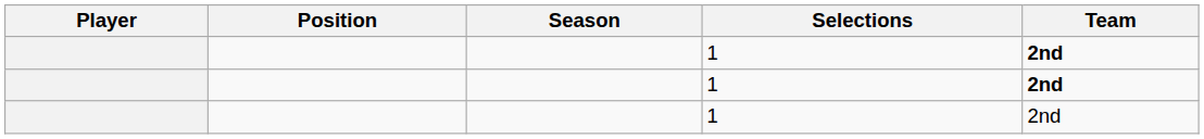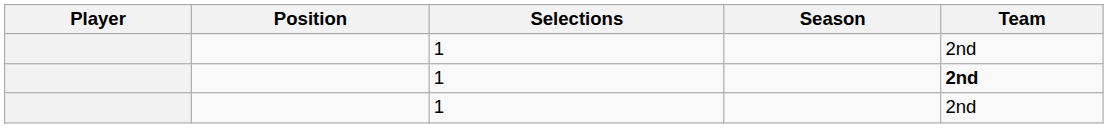 <table class="wikitable sortable" width="75%">
 <tr>
 <th scope="col">Player</th>
 <th scope="col">Position</th>
+<th scope="col">Selections</th>
 <th scope="col">Season</th>
-<th scope="col">Selections</th>
 <th scope="col">Team</th>
 </tr>
 <tr>
 <th scope="row"></th>
 <td></td>
+<td>1</td>
+<td></td>
+<td>2nd</td>
+</tr>
+<tr>
+<th scope="row"></th>
 <td></td>
 <td>1</td>
+<td></td>
 <td><strong>2nd</strong></td>
 </tr>
 <tr>
 <th scope="row"></th>
 <td></td>
+<td>1</td>
 <td></td>
-<td>1</td>
-<td><strong>2nd</strong></td>
-</tr>
-<tr>
-<th scope="row"></th>
-<td></td>
-<td></td>
-<td>1</td>
 <td>2nd</td>
 </tr>
 </table>
